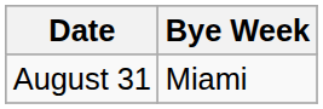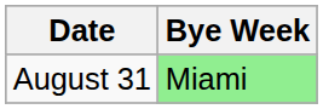 <table class="wikitable" style="font-size:95%;">
 <tr>
 <th>Date</th>
 <th colspan="1">Bye Week</th>
 </tr>
 <tr>
 <td>August 31</td>
-<td>Miami</td>
+<td style="background: lightgreen;">Miami</td>
 </tr>
 </table>
